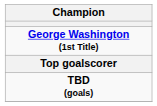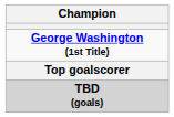 <table class="wikitable" style="margin: 0 auto; width: 220px;">
 <tr>
 <th>Champion</th>
 </tr>
 <tr>
 <th></th>
 </tr>
 <tr>
 <td align="center"><strong> <a href='#'>George Washington</a> </strong><br><small><strong>(1st Title)</strong></small></td>
 </tr>
 <tr>
 <th>Top goalscorer</th>
 </tr>
 <tr>
-<td align="center"><strong> TBD </strong><br><small><strong>(goals)</strong></small></td>
+<td align="center" style="background: lightgrey;"><strong> TBD </strong><br><small><strong>(goals)</strong></small></td>
 </tr>
 <tr>
 </tr>
 </table>
